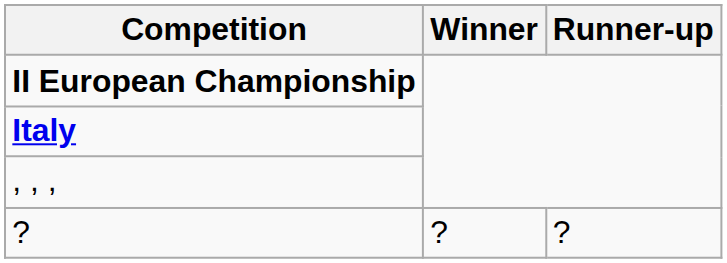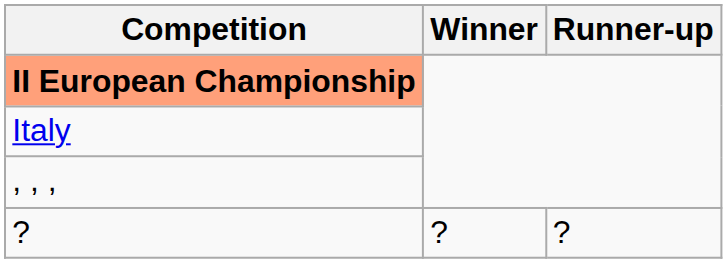 <table class="wikitable">
 <tr>
 <th><strong>Competition</strong></th>
 <th><strong>Winner</strong></th>
 <th><strong>Runner-up</strong></th>
 </tr>
 <tr>
-<td rowspan=1><strong>II European Championship</strong></td>
+<td rowspan=1 style="background: lightsalmon;"><strong>II European Championship</strong></td>
 </tr>
 <tr>
-<td rowspan=1><strong><a href='#'>Italy</a></strong></td>
+<td rowspan=1><a href='#'>Italy</a></td>
 </tr>
 <tr>
 <td rowspan=1>, , , </td>
 </tr>
 <tr>
 <td rowspan=1>?</td>
 <td>?</td>
 <td>?</td>
 </tr>
 </table>
